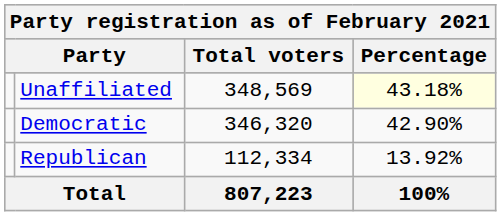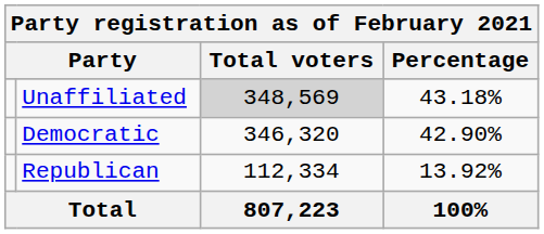 <table class=wikitable>
 <tr>
 <th colspan = 6>Party registration as of February 2021</th>
 </tr>
 <tr>
 <th colspan = 2>Party</th>
 <th>Total voters</th>
 <th>Percentage</th>
 </tr>
 <tr>
 <td></td>
 <td><a href='#'>Unaffiliated</a></td>
-<td align=center>348,569</td>
-<td align=center style="background: lightyellow;">43.18%</td>
+<td align=center style="background: lightgrey;">348,569</td>
+<td align=center>43.18%</td>
 </tr>
 <tr>
 <td></td>
 <td><a href='#'>Democratic</a></td>
 <td align=center>346,320</td>
 <td align=center>42.90%</td>
 </tr>
 <tr>
 <td></td>
 <td><a href='#'>Republican</a></td>
 <td align=center>112,334</td>
 <td align=center>13.92%</td>
 </tr>
 <tr>
 <th colspan = 2>Total</th>
 <th align=center>807,223</th>
 <th align=center>100%</th>
 </tr>
 </table>
